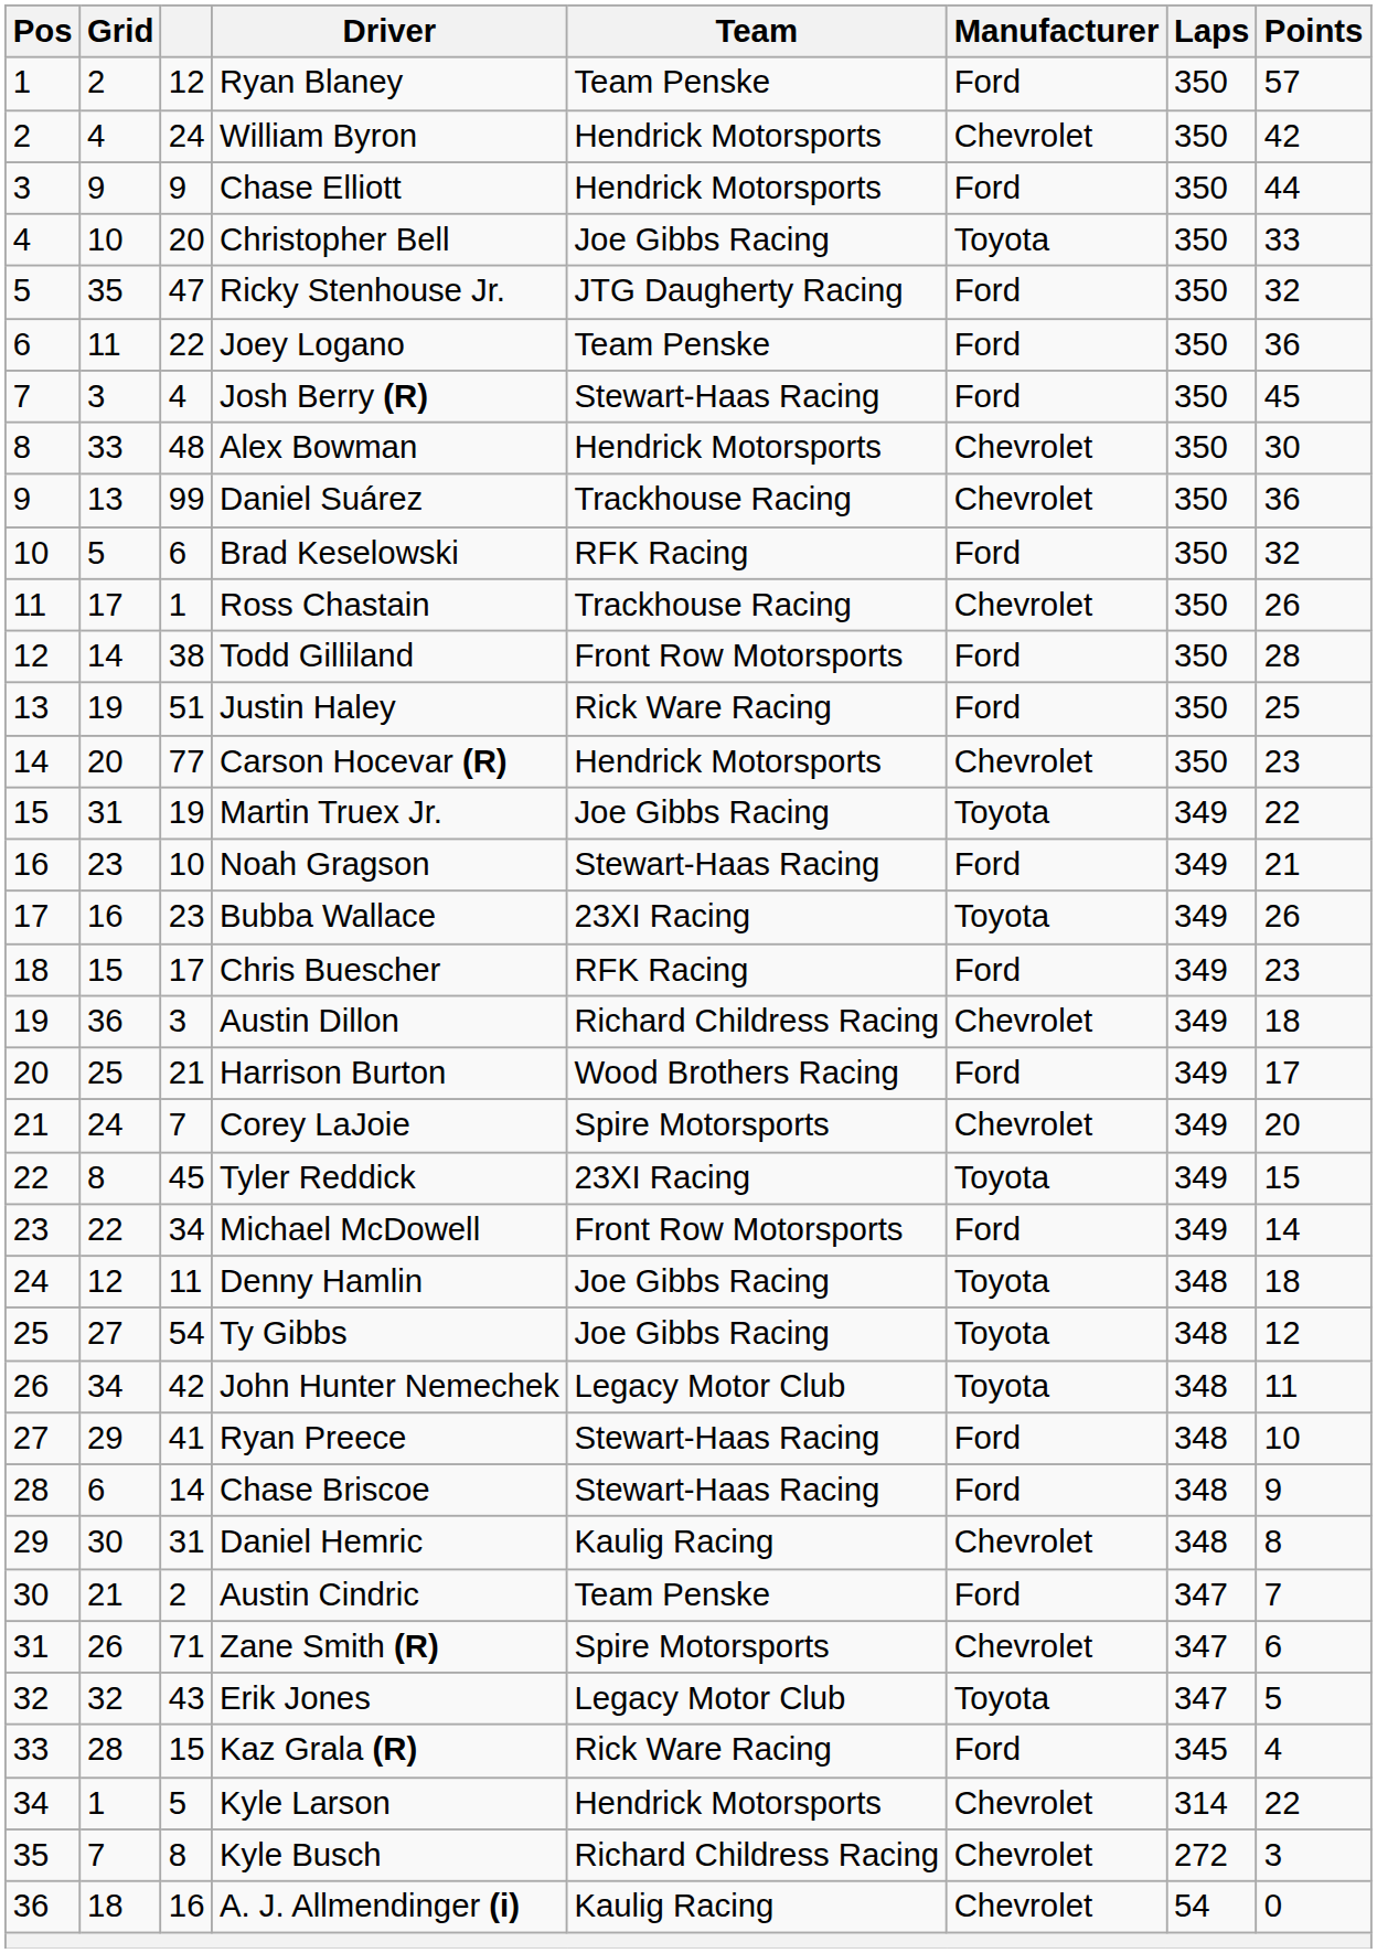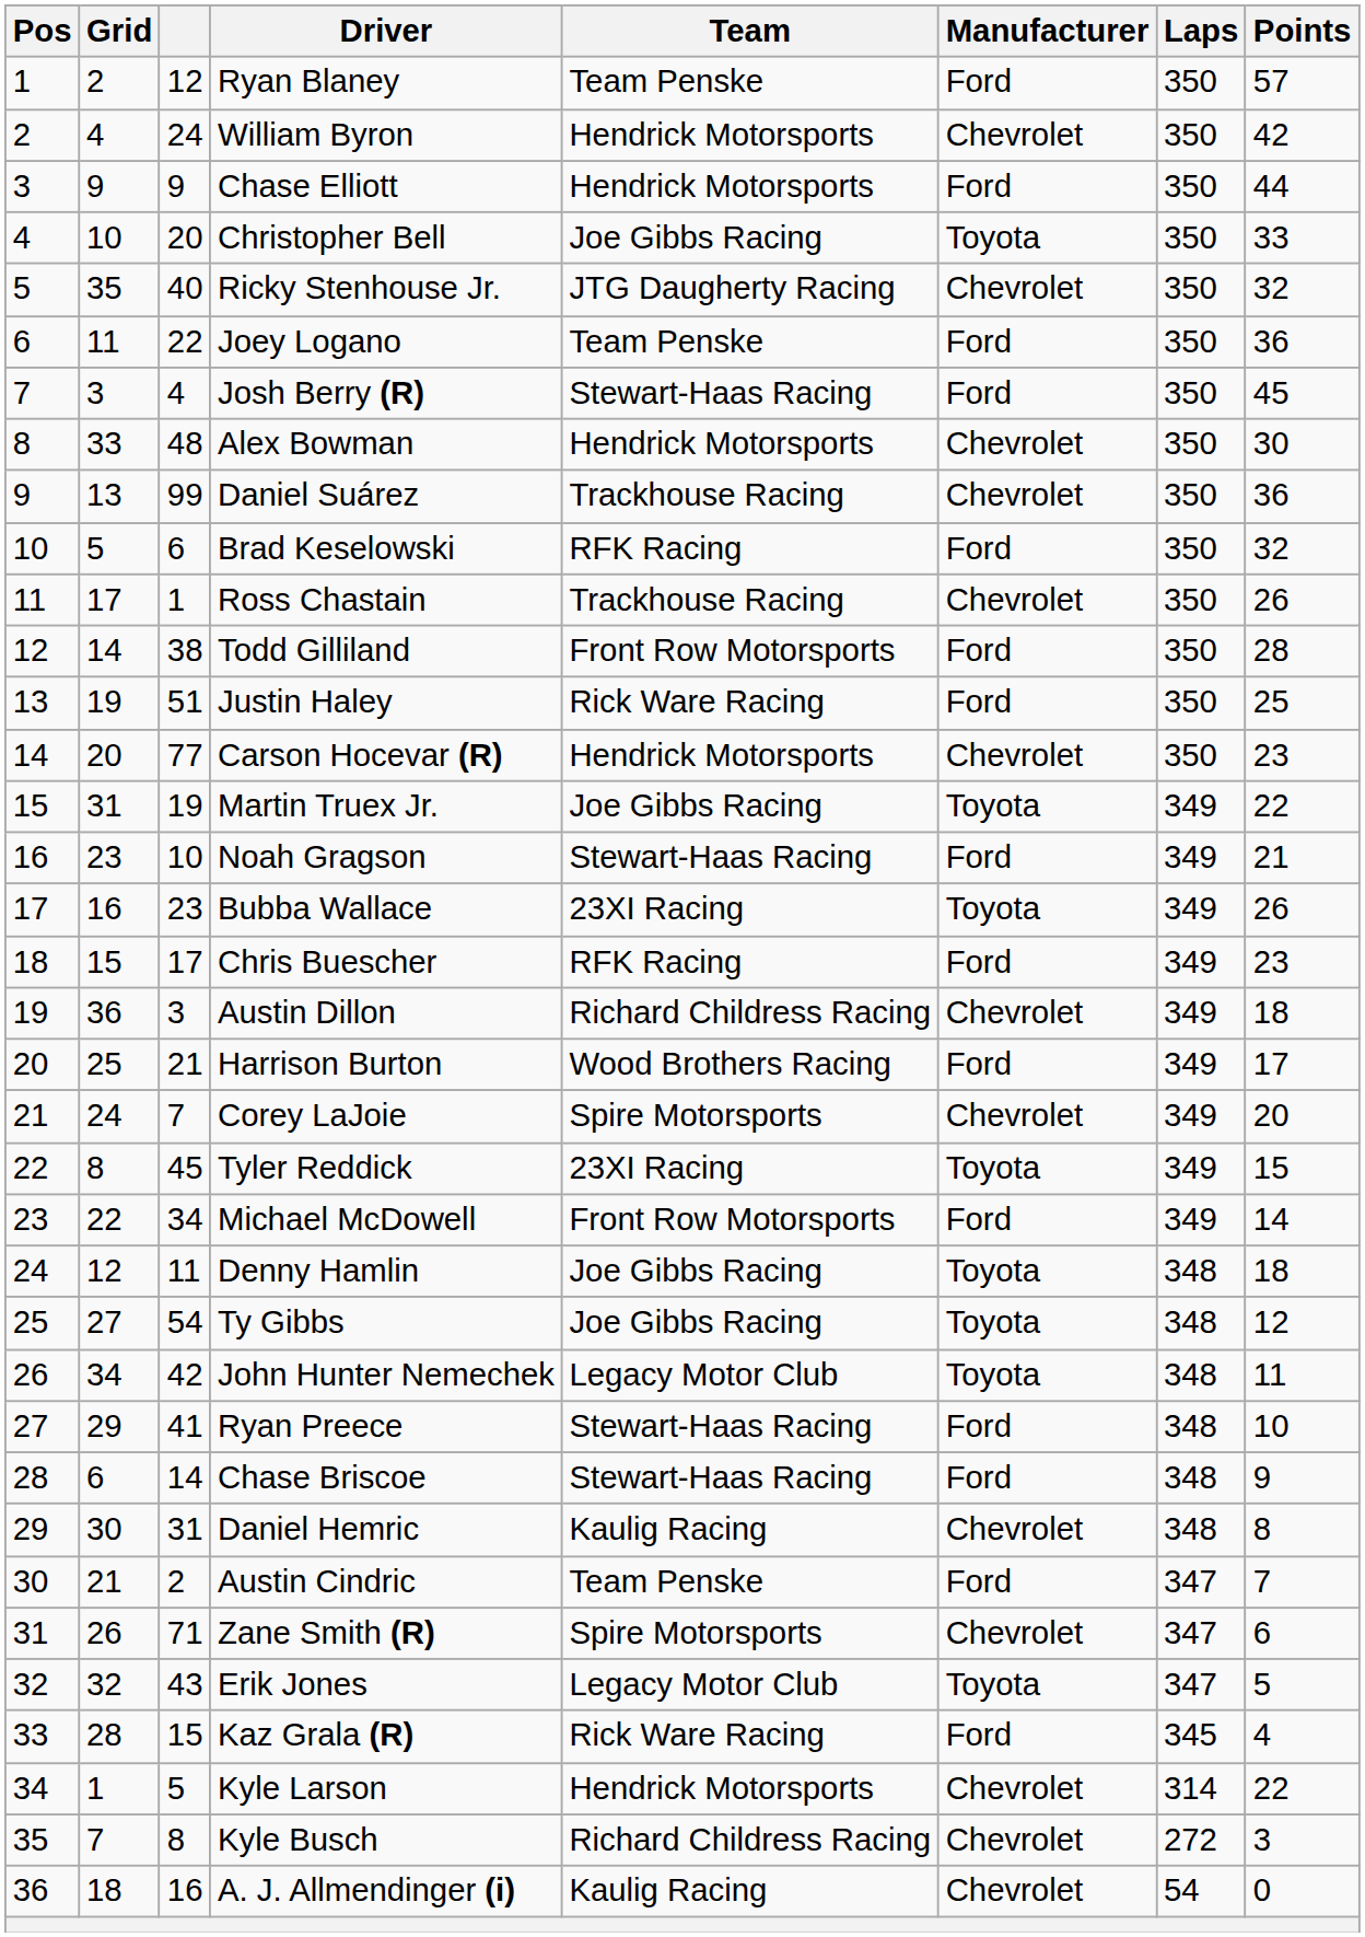 <table class="wikitable" style="font-size:98%">
 <tr>
 <th>Pos</th>
 <th>Grid</th>
 <th></th>
 <th>Driver</th>
 <th>Team</th>
 <th>Manufacturer</th>
 <th>Laps</th>
 <th>Points</th>
 </tr>
 <tr>
 <td>1</td>
 <td>2</td>
 <td>12</td>
 <td>Ryan Blaney</td>
 <td>Team Penske</td>
 <td>Ford</td>
 <td>350</td>
 <td>57</td>
 </tr>
 <tr>
 <td>2</td>
 <td>4</td>
 <td>24</td>
 <td>William Byron</td>
 <td>Hendrick Motorsports</td>
 <td>Chevrolet</td>
 <td>350</td>
 <td>42</td>
 </tr>
 <tr>
 <td>3</td>
 <td>9</td>
 <td>9</td>
 <td>Chase Elliott</td>
 <td>Hendrick Motorsports</td>
 <td>Ford</td>
 <td>350</td>
 <td>44</td>
 </tr>
 <tr>
 <td>4</td>
 <td>10</td>
 <td>20</td>
 <td>Christopher Bell</td>
 <td>Joe Gibbs Racing</td>
 <td>Toyota</td>
 <td>350</td>
 <td>33</td>
 </tr>
 <tr>
 <td>5</td>
 <td>35</td>
-<td>47</td>
+<td>40</td>
 <td>Ricky Stenhouse Jr.</td>
 <td>JTG Daugherty Racing</td>
-<td>Ford</td>
+<td>Chevrolet</td>
 <td>350</td>
 <td>32</td>
 </tr>
 <tr>
 <td>6</td>
 <td>11</td>
 <td>22</td>
 <td>Joey Logano</td>
 <td>Team Penske</td>
 <td>Ford</td>
 <td>350</td>
 <td>36</td>
 </tr>
 <tr>
 <td>7</td>
 <td>3</td>
 <td>4</td>
 <td>Josh Berry <strong>(R)</strong></td>
 <td>Stewart-Haas Racing</td>
 <td>Ford</td>
 <td>350</td>
 <td>45</td>
 </tr>
 <tr>
 <td>8</td>
 <td>33</td>
 <td>48</td>
 <td>Alex Bowman</td>
 <td>Hendrick Motorsports</td>
 <td>Chevrolet</td>
 <td>350</td>
 <td>30</td>
 </tr>
 <tr>
 <td>9</td>
 <td>13</td>
 <td>99</td>
 <td>Daniel Suárez</td>
 <td>Trackhouse Racing</td>
 <td>Chevrolet</td>
 <td>350</td>
 <td>36</td>
 </tr>
 <tr>
 <td>10</td>
 <td>5</td>
 <td>6</td>
 <td>Brad Keselowski</td>
 <td>RFK Racing</td>
 <td>Ford</td>
 <td>350</td>
 <td>32</td>
 </tr>
 <tr>
 <td>11</td>
 <td>17</td>
 <td>1</td>
 <td>Ross Chastain</td>
 <td>Trackhouse Racing</td>
 <td>Chevrolet</td>
 <td>350</td>
 <td>26</td>
 </tr>
 <tr>
 <td>12</td>
 <td>14</td>
 <td>38</td>
 <td>Todd Gilliland</td>
 <td>Front Row Motorsports</td>
 <td>Ford</td>
 <td>350</td>
 <td>28</td>
 </tr>
 <tr>
 <td>13</td>
 <td>19</td>
 <td>51</td>
 <td>Justin Haley</td>
 <td>Rick Ware Racing</td>
 <td>Ford</td>
 <td>350</td>
 <td>25</td>
 </tr>
 <tr>
 <td>14</td>
 <td>20</td>
 <td>77</td>
 <td>Carson Hocevar <strong>(R)</strong></td>
 <td>Hendrick Motorsports</td>
 <td>Chevrolet</td>
 <td>350</td>
 <td>23</td>
 </tr>
 <tr>
 <td>15</td>
 <td>31</td>
 <td>19</td>
 <td>Martin Truex Jr.</td>
 <td>Joe Gibbs Racing</td>
 <td>Toyota</td>
 <td>349</td>
 <td>22</td>
 </tr>
 <tr>
 <td>16</td>
 <td>23</td>
 <td>10</td>
 <td>Noah Gragson</td>
 <td>Stewart-Haas Racing</td>
 <td>Ford</td>
 <td>349</td>
 <td>21</td>
 </tr>
 <tr>
 <td>17</td>
 <td>16</td>
 <td>23</td>
 <td>Bubba Wallace</td>
 <td>23XI Racing</td>
 <td>Toyota</td>
 <td>349</td>
 <td>26</td>
 </tr>
 <tr>
 <td>18</td>
 <td>15</td>
 <td>17</td>
 <td>Chris Buescher</td>
 <td>RFK Racing</td>
 <td>Ford</td>
 <td>349</td>
 <td>23</td>
 </tr>
 <tr>
 <td>19</td>
 <td>36</td>
 <td>3</td>
 <td>Austin Dillon</td>
 <td>Richard Childress Racing</td>
 <td>Chevrolet</td>
 <td>349</td>
 <td>18</td>
 </tr>
 <tr>
 <td>20</td>
 <td>25</td>
 <td>21</td>
 <td>Harrison Burton</td>
 <td>Wood Brothers Racing</td>
 <td>Ford</td>
 <td>349</td>
 <td>17</td>
 </tr>
 <tr>
 <td>21</td>
 <td>24</td>
 <td>7</td>
 <td>Corey LaJoie</td>
 <td>Spire Motorsports</td>
 <td>Chevrolet</td>
 <td>349</td>
 <td>20</td>
 </tr>
 <tr>
 <td>22</td>
 <td>8</td>
 <td>45</td>
 <td>Tyler Reddick</td>
 <td>23XI Racing</td>
 <td>Toyota</td>
 <td>349</td>
 <td>15</td>
 </tr>
 <tr>
 <td>23</td>
 <td>22</td>
 <td>34</td>
 <td>Michael McDowell</td>
 <td>Front Row Motorsports</td>
 <td>Ford</td>
 <td>349</td>
 <td>14</td>
 </tr>
 <tr>
 <td>24</td>
 <td>12</td>
 <td>11</td>
 <td>Denny Hamlin</td>
 <td>Joe Gibbs Racing</td>
 <td>Toyota</td>
 <td>348</td>
 <td>18</td>
 </tr>
 <tr>
 <td>25</td>
 <td>27</td>
 <td>54</td>
 <td>Ty Gibbs</td>
 <td>Joe Gibbs Racing</td>
 <td>Toyota</td>
 <td>348</td>
 <td>12</td>
 </tr>
 <tr>
 <td>26</td>
 <td>34</td>
 <td>42</td>
 <td>John Hunter Nemechek</td>
 <td>Legacy Motor Club</td>
 <td>Toyota</td>
 <td>348</td>
 <td>11</td>
 </tr>
 <tr>
 <td>27</td>
 <td>29</td>
 <td>41</td>
 <td>Ryan Preece</td>
 <td>Stewart-Haas Racing</td>
 <td>Ford</td>
 <td>348</td>
 <td>10</td>
 </tr>
 <tr>
 <td>28</td>
 <td>6</td>
 <td>14</td>
 <td>Chase Briscoe</td>
 <td>Stewart-Haas Racing</td>
 <td>Ford</td>
 <td>348</td>
 <td>9</td>
 </tr>
 <tr>
 <td>29</td>
 <td>30</td>
 <td>31</td>
 <td>Daniel Hemric</td>
 <td>Kaulig Racing</td>
 <td>Chevrolet</td>
 <td>348</td>
 <td>8</td>
 </tr>
 <tr>
 <td>30</td>
 <td>21</td>
 <td>2</td>
 <td>Austin Cindric</td>
 <td>Team Penske</td>
 <td>Ford</td>
 <td>347</td>
 <td>7</td>
 </tr>
 <tr>
 <td>31</td>
 <td>26</td>
 <td>71</td>
 <td>Zane Smith <strong>(R)</strong></td>
 <td>Spire Motorsports</td>
 <td>Chevrolet</td>
 <td>347</td>
 <td>6</td>
 </tr>
 <tr>
 <td>32</td>
 <td>32</td>
 <td>43</td>
 <td>Erik Jones</td>
 <td>Legacy Motor Club</td>
 <td>Toyota</td>
 <td>347</td>
 <td>5</td>
 </tr>
 <tr>
 <td>33</td>
 <td>28</td>
 <td>15</td>
 <td>Kaz Grala <strong>(R)</strong></td>
 <td>Rick Ware Racing</td>
 <td>Ford</td>
 <td>345</td>
 <td>4</td>
 </tr>
 <tr>
 <td>34</td>
 <td>1</td>
 <td>5</td>
 <td>Kyle Larson</td>
 <td>Hendrick Motorsports</td>
 <td>Chevrolet</td>
 <td>314</td>
 <td>22</td>
 </tr>
 <tr>
 <td>35</td>
 <td>7</td>
 <td>8</td>
 <td>Kyle Busch</td>
 <td>Richard Childress Racing</td>
 <td>Chevrolet</td>
 <td>272</td>
 <td>3</td>
 </tr>
 <tr>
 <td>36</td>
 <td>18</td>
 <td>16</td>
 <td>A. J. Allmendinger <strong>(i)</strong></td>
 <td>Kaulig Racing</td>
 <td>Chevrolet</td>
 <td>54</td>
 <td>0</td>
 </tr>
 <tr>
 <th colspan="8"></th>
 </tr>
 </table>
